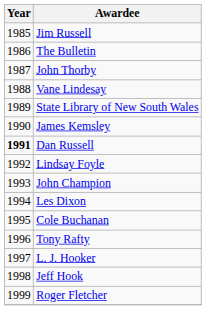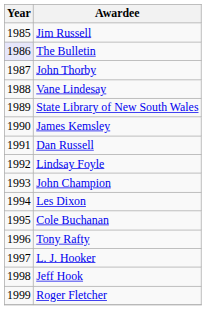 <table class="wikitable">
 <tr>
 <th align="left">Year</th>
 <th align="left">Awardee</th>
 </tr>
 <tr>
 <td align="left">1985</td>
 <td align="centr"><a href='#'>Jim Russell</a></td>
 </tr>
 <tr>
-<td align="left">1986</td>
+<td align="left" style="background: lavender;">1986</td>
 <td align="centr"><a href='#'>The Bulletin</a></td>
 </tr>
 <tr>
 <td align="left">1987</td>
 <td align="centr"><a href='#'>John Thorby</a></td>
 </tr>
 <tr>
 <td align="left">1988</td>
 <td align="centr"><a href='#'>Vane Lindesay</a></td>
 </tr>
 <tr>
 <td align="left">1989</td>
 <td align="centr"><a href='#'>State Library of New South Wales</a></td>
 </tr>
 <tr>
 <td align="left">1990</td>
 <td align="centr"><a href='#'>James Kemsley</a></td>
 </tr>
 <tr>
-<td align="left"><strong>1991</strong></td>
+<td align="left">1991</td>
 <td align="centr"><a href='#'>Dan Russell</a></td>
 </tr>
 <tr>
 <td align="left">1992</td>
 <td align="centr"><a href='#'>Lindsay Foyle</a></td>
 </tr>
 <tr>
 <td align="left">1993</td>
 <td align="centr"><a href='#'>John Champion</a></td>
 </tr>
 <tr>
 <td align="left">1994</td>
 <td align="centr"><a href='#'>Les Dixon</a></td>
 </tr>
 <tr>
 <td align="left">1995</td>
 <td align="centr"><a href='#'>Cole Buchanan</a></td>
 </tr>
 <tr>
 <td align="left">1996</td>
 <td align="centr"><a href='#'>Tony Rafty</a></td>
 </tr>
 <tr>
 <td align="left">1997</td>
 <td align="centr"><a href='#'>L. J. Hooker</a></td>
 </tr>
 <tr>
 <td align="left">1998</td>
 <td align="centr"><a href='#'>Jeff Hook</a></td>
 </tr>
 <tr>
 <td align="left">1999</td>
 <td align="centr"><a href='#'>Roger Fletcher</a></td>
 </tr>
 <tr>
 </tr>
 </table>
